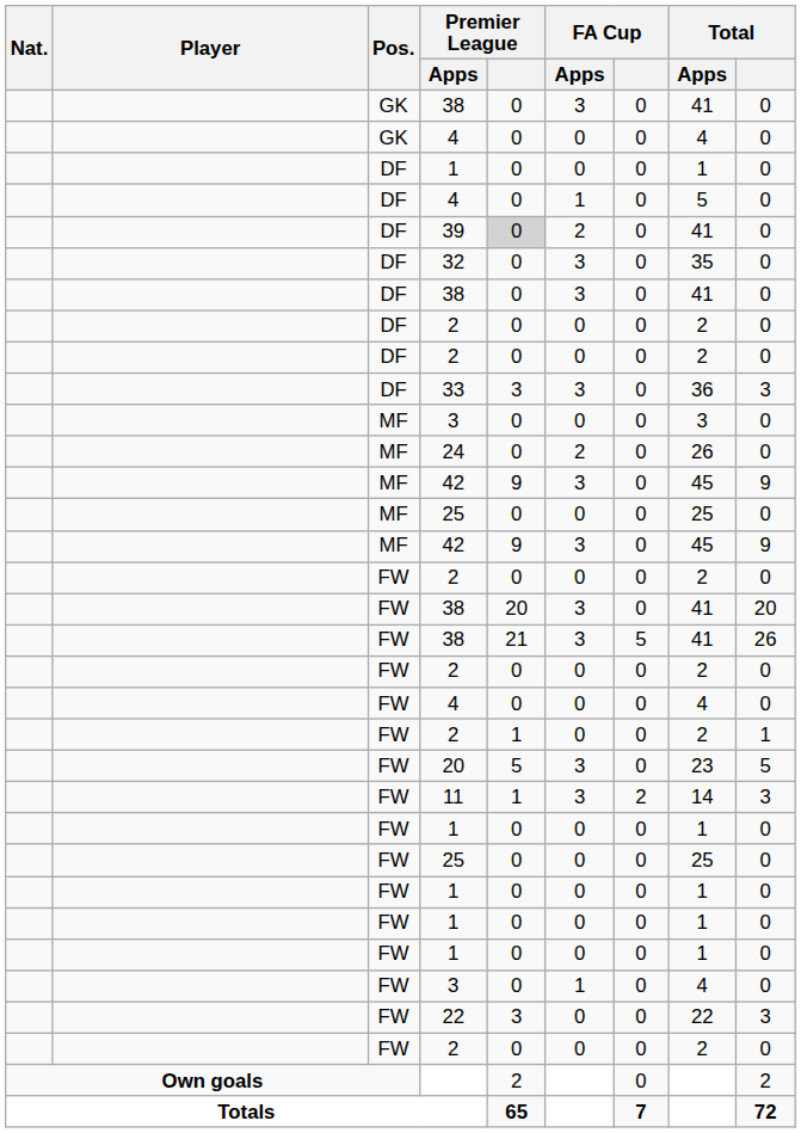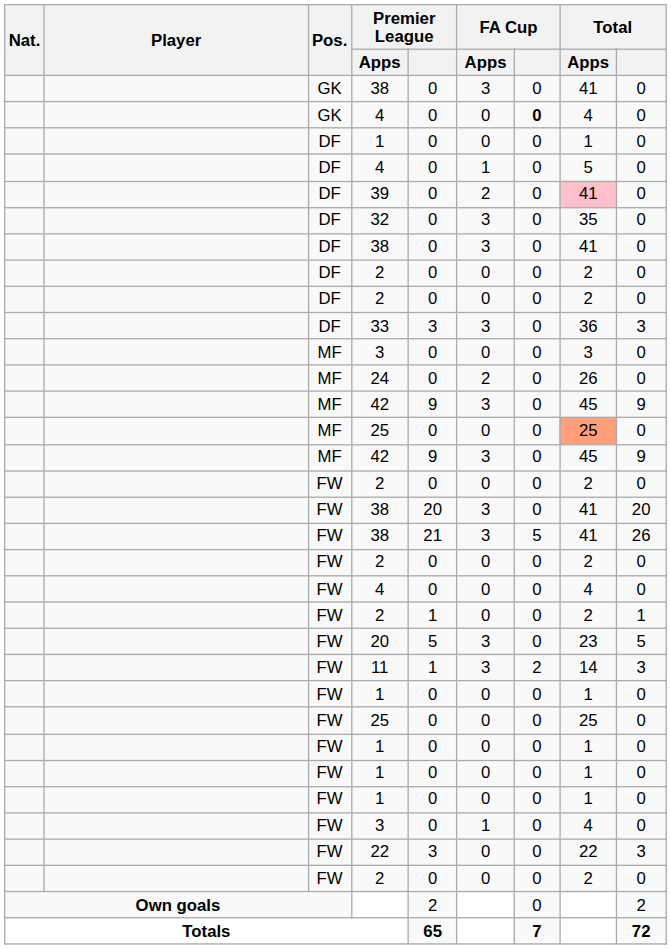 <table class="wikitable sortable alternance"  style="font-size:80%; text-align:center; line-height:14px; width:40%;">
 <tr>
 <th rowspan="2" style="width:10px;">Nat.</th>
 <th rowspan="2" scope="col" style="width:275px;">Player</th>
 <th rowspan="2" style="width:10px;">Pos.</th>
 <th colspan="2">Premier League</th>
 <th colspan="2">FA Cup</th>
 <th colspan="2">Total</th>
 </tr>
 <tr style="text-align:center;">
 <th width=40>Apps</th>
 <th width=40></th>
 <th width=40>Apps</th>
 <th width=40></th>
 <th width=40>Apps</th>
 <th width=40></th>
 </tr>
 <tr>
 <td></td>
 <td></td>
 <td>GK</td>
 <td>38</td>
 <td>0</td>
 <td>3</td>
 <td>0</td>
 <td>41</td>
 <td>0</td>
 </tr>
 <tr>
 <td></td>
 <td></td>
 <td>GK</td>
 <td>4</td>
 <td>0</td>
 <td>0</td>
-<td>0</td>
+<td><strong>0</strong></td>
 <td>4</td>
 <td>0</td>
 </tr>
 <tr>
 <td></td>
 <td></td>
 <td>DF</td>
 <td>1</td>
 <td>0</td>
 <td>0</td>
 <td>0</td>
 <td>1</td>
 <td>0</td>
 </tr>
 <tr>
 <td></td>
 <td></td>
 <td>DF</td>
 <td>4</td>
 <td>0</td>
 <td>1</td>
 <td>0</td>
 <td>5</td>
 <td>0</td>
 </tr>
 <tr>
 <td></td>
 <td></td>
 <td>DF</td>
 <td>39</td>
-<td style="background: lightgrey;">0</td>
+<td>0</td>
 <td>2</td>
 <td>0</td>
-<td>41</td>
+<td style="background: pink;">41</td>
 <td>0</td>
 </tr>
 <tr>
 <td></td>
 <td></td>
 <td>DF</td>
 <td>32</td>
 <td>0</td>
 <td>3</td>
 <td>0</td>
 <td>35</td>
 <td>0</td>
 </tr>
 <tr>
 <td></td>
 <td></td>
 <td>DF</td>
 <td>38</td>
 <td>0</td>
 <td>3</td>
 <td>0</td>
 <td>41</td>
 <td>0</td>
 </tr>
 <tr>
 <td></td>
 <td></td>
 <td>DF</td>
 <td>2</td>
 <td>0</td>
 <td>0</td>
 <td>0</td>
 <td>2</td>
 <td>0</td>
 </tr>
 <tr>
 <td></td>
 <td></td>
 <td>DF</td>
 <td>2</td>
 <td>0</td>
 <td>0</td>
 <td>0</td>
 <td>2</td>
 <td>0</td>
 </tr>
 <tr>
 <td></td>
 <td></td>
 <td>DF</td>
 <td>33</td>
 <td>3</td>
 <td>3</td>
 <td>0</td>
 <td>36</td>
 <td>3</td>
 </tr>
 <tr>
 <td></td>
 <td></td>
 <td>MF</td>
 <td>3</td>
 <td>0</td>
 <td>0</td>
 <td>0</td>
 <td>3</td>
 <td>0</td>
 </tr>
 <tr>
 <td></td>
 <td></td>
 <td>MF</td>
 <td>24</td>
 <td>0</td>
 <td>2</td>
 <td>0</td>
 <td>26</td>
 <td>0</td>
 </tr>
 <tr>
 <td></td>
 <td></td>
 <td>MF</td>
 <td>42</td>
 <td>9</td>
 <td>3</td>
 <td>0</td>
 <td>45</td>
 <td>9</td>
 </tr>
 <tr>
 <td></td>
 <td></td>
 <td>MF</td>
 <td>25</td>
 <td>0</td>
 <td>0</td>
 <td>0</td>
-<td>25</td>
+<td style="background: lightsalmon;">25</td>
 <td>0</td>
 </tr>
 <tr>
 <td></td>
 <td></td>
 <td>MF</td>
 <td>42</td>
 <td>9</td>
 <td>3</td>
 <td>0</td>
 <td>45</td>
 <td>9</td>
 </tr>
 <tr>
 <td></td>
 <td></td>
 <td>FW</td>
 <td>2</td>
 <td>0</td>
 <td>0</td>
 <td>0</td>
 <td>2</td>
 <td>0</td>
 </tr>
 <tr>
 <td></td>
 <td></td>
 <td>FW</td>
 <td>38</td>
 <td>20</td>
 <td>3</td>
 <td>0</td>
 <td>41</td>
 <td>20</td>
 </tr>
 <tr>
 <td></td>
 <td></td>
 <td>FW</td>
 <td>38</td>
 <td>21</td>
 <td>3</td>
 <td>5</td>
 <td>41</td>
 <td>26</td>
 </tr>
 <tr>
 <td></td>
 <td></td>
 <td>FW</td>
 <td>2</td>
 <td>0</td>
 <td>0</td>
 <td>0</td>
 <td>2</td>
 <td>0</td>
 </tr>
 <tr>
 <td></td>
 <td></td>
 <td>FW</td>
 <td>4</td>
 <td>0</td>
 <td>0</td>
 <td>0</td>
 <td>4</td>
 <td>0</td>
 </tr>
 <tr>
 <td></td>
 <td></td>
 <td>FW</td>
 <td>2</td>
 <td>1</td>
 <td>0</td>
 <td>0</td>
 <td>2</td>
 <td>1</td>
 </tr>
 <tr>
 <td></td>
 <td></td>
 <td>FW</td>
 <td>20</td>
 <td>5</td>
 <td>3</td>
 <td>0</td>
 <td>23</td>
 <td>5</td>
 </tr>
 <tr>
 <td></td>
 <td></td>
 <td>FW</td>
 <td>11</td>
 <td>1</td>
 <td>3</td>
 <td>2</td>
 <td>14</td>
 <td>3</td>
 </tr>
 <tr>
 <td></td>
 <td></td>
 <td>FW</td>
 <td>1</td>
 <td>0</td>
 <td>0</td>
 <td>0</td>
 <td>1</td>
 <td>0</td>
 </tr>
 <tr>
 <td></td>
 <td></td>
 <td>FW</td>
 <td>25</td>
 <td>0</td>
 <td>0</td>
 <td>0</td>
 <td>25</td>
 <td>0</td>
 </tr>
 <tr>
 <td></td>
 <td></td>
 <td>FW</td>
 <td>1</td>
 <td>0</td>
 <td>0</td>
 <td>0</td>
 <td>1</td>
 <td>0</td>
 </tr>
 <tr>
 <td></td>
 <td></td>
 <td>FW</td>
 <td>1</td>
 <td>0</td>
 <td>0</td>
 <td>0</td>
 <td>1</td>
 <td>0</td>
 </tr>
 <tr>
 <td></td>
 <td></td>
 <td>FW</td>
 <td>1</td>
 <td>0</td>
 <td>0</td>
 <td>0</td>
 <td>1</td>
 <td>0</td>
 </tr>
 <tr>
 <td></td>
 <td></td>
 <td>FW</td>
 <td>3</td>
 <td>0</td>
 <td>1</td>
 <td>0</td>
 <td>4</td>
 <td>0</td>
 </tr>
 <tr>
 <td></td>
 <td></td>
 <td>FW</td>
 <td>22</td>
 <td>3</td>
 <td>0</td>
 <td>0</td>
 <td>22</td>
 <td>3</td>
 </tr>
 <tr>
 <td></td>
 <td></td>
 <td>FW</td>
 <td>2</td>
 <td>0</td>
 <td>0</td>
 <td>0</td>
 <td>2</td>
 <td>0</td>
 </tr>
 <tr class="sortbottom">
 <td colspan="3"><strong>Own goals</strong></td>
 <td ! style="background:white; text-align: center;"></td>
 <td>2</td>
 <td ! style="background:white; text-align: center;"></td>
 <td>0</td>
 <td ! style="background:white; text-align: center;"></td>
 <td>2</td>
 </tr>
 <tr class="sortbottom">
 <td colspan="4"  style="background:white; text-align: center;"><strong>Totals</strong></td>
 <td><strong>65</strong></td>
 <td ! rowspan="2" style="background:white; text-align: center;"></td>
 <td><strong>7</strong></td>
 <td ! rowspan="2" style="background:white; text-align: center;"></td>
 <td><strong>72</strong></td>
 </tr>
 </table>
